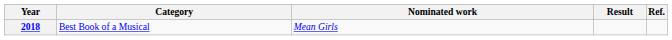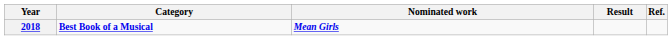 <table class=wikitable>
 <tr>
 <th scope="col" style="width:5em;">Year</th>
 <th scope="col" style="width:24em;">Category</th>
 <th scope="col" style="width:31em;">Nominated work</th>
 <th scope="col" style="width:5em;">Result</th>
 <th>Ref.</th>
 </tr>
 <tr>
 <th row=scope style="text-align:center;"><a href='#'>2018</a></th>
-<td><a href='#'>Best Book of a Musical</a></td>
-<td><em><a href='#'>Mean Girls</a></em></td>
+<td><strong><a href='#'>Best Book of a Musical</a></strong></td>
+<td><strong><em><a href='#'>Mean Girls</a></em></strong></td>
 <td></td>
 <td style="text-align:center;"></td>
 </tr>
 </table>
